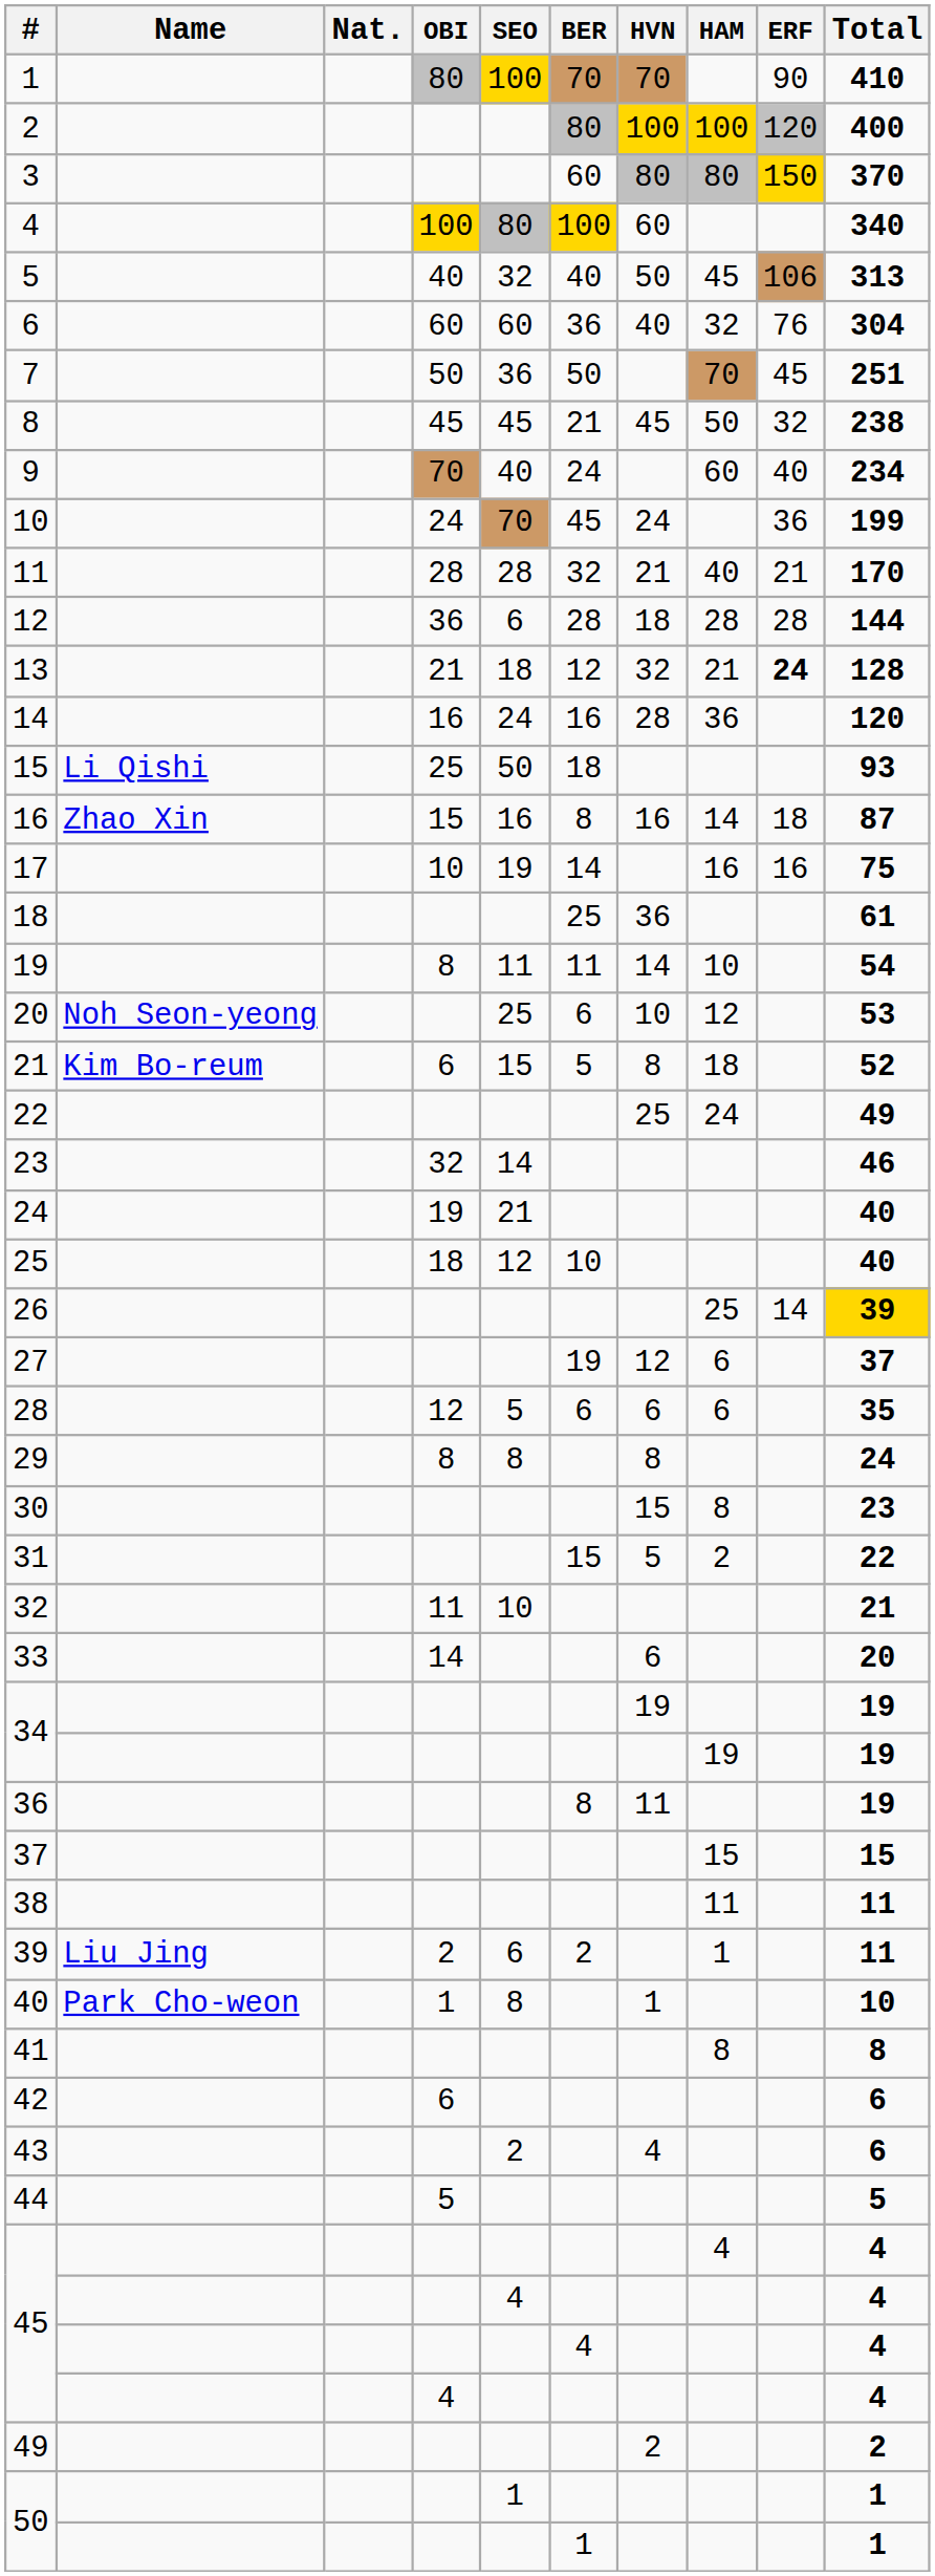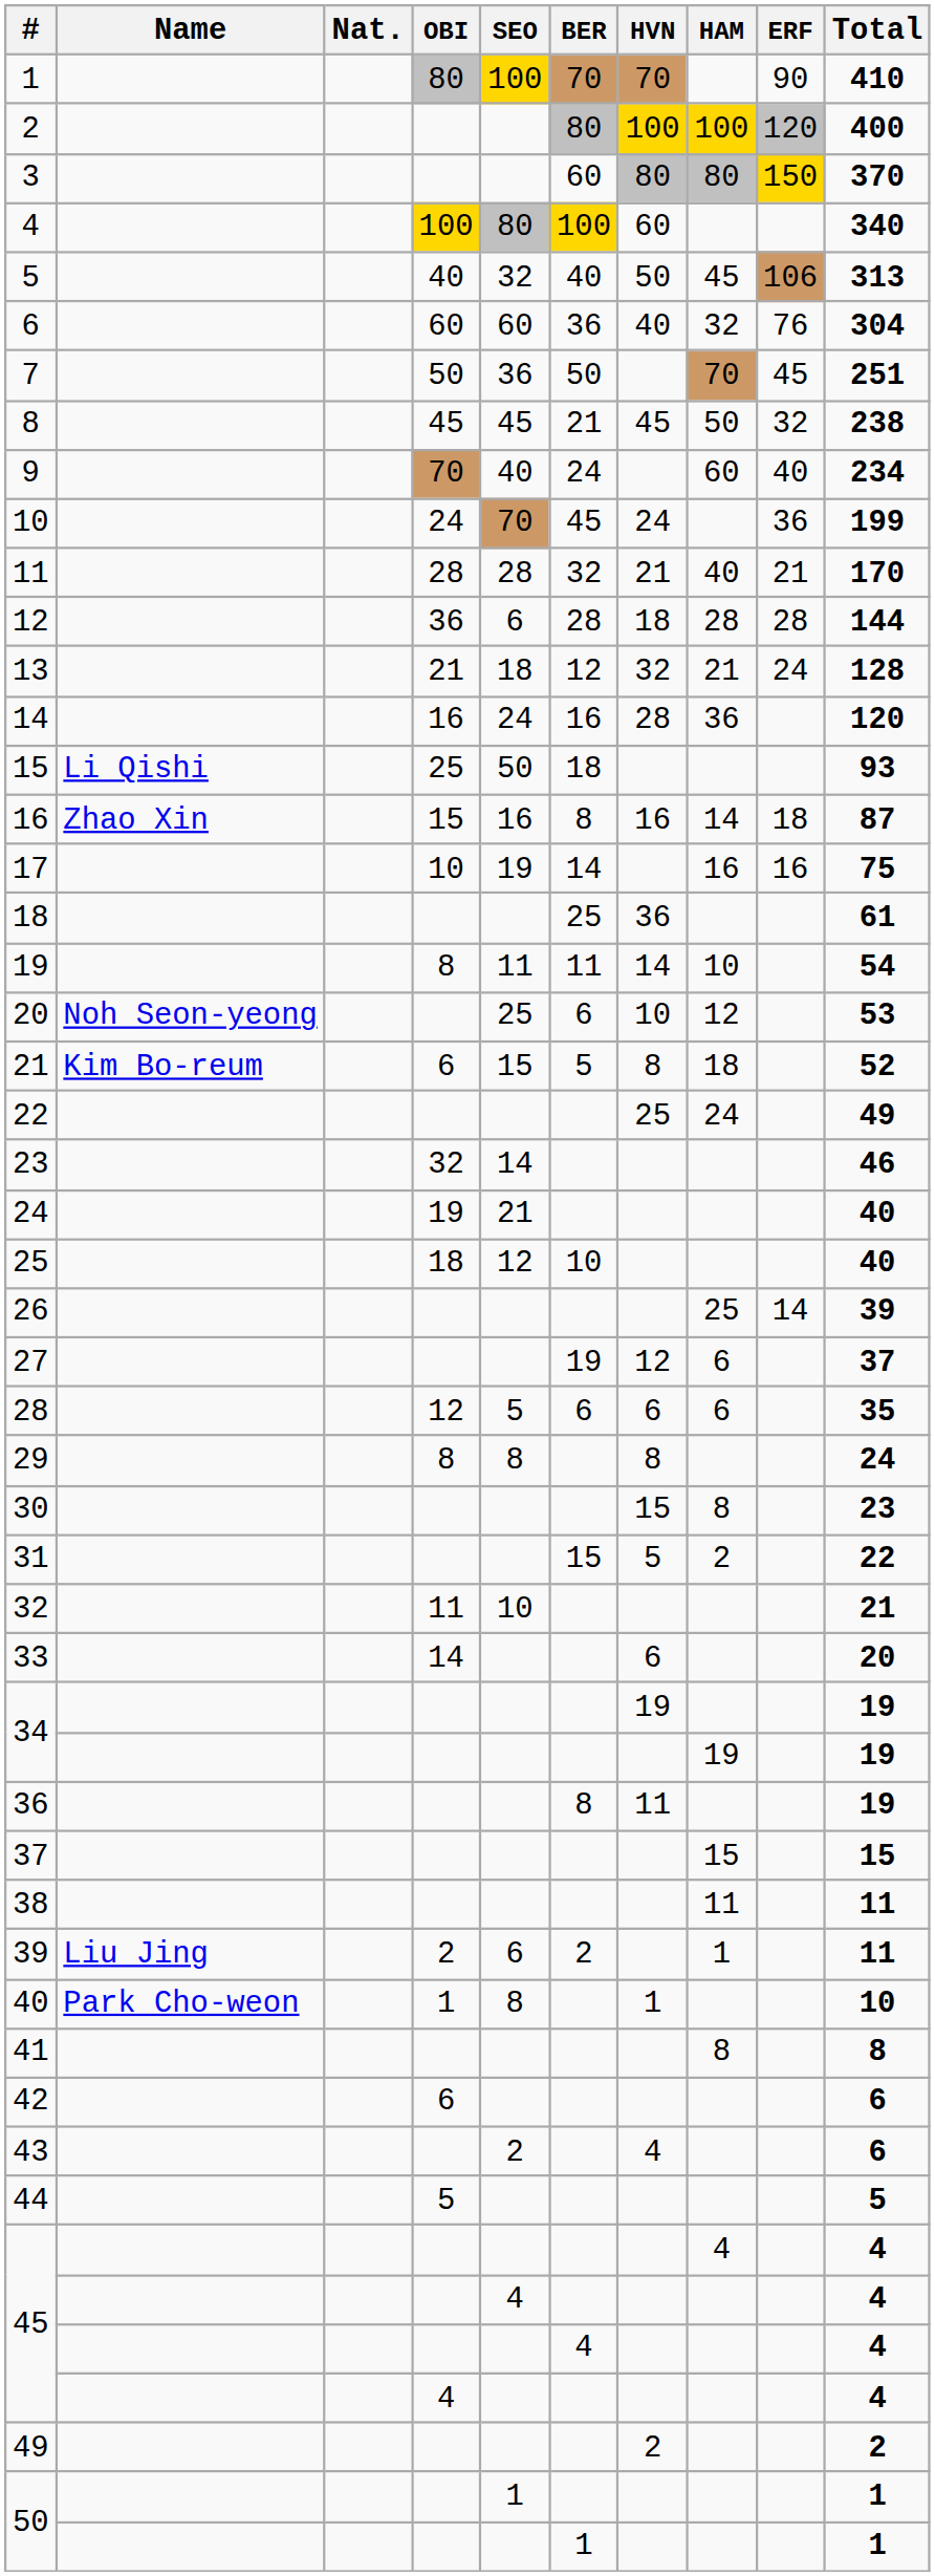 <table class="wikitable sortable" style="text-align:center;">
 <tr>
 <th>#</th>
 <th>Name</th>
 <th>Nat.</th>
 <th><small>OBI</small></th>
 <th><small>SEO</small></th>
 <th><small>BER</small></th>
 <th><small>HVN</small></th>
 <th><small>HAM </small></th>
 <th><small>ERF</small></th>
 <th>Total</th>
 </tr>
 <tr>
 <td>1</td>
 <td align=left></td>
 <td></td>
 <td bgcolor=silver>80</td>
 <td bgcolor=gold>100</td>
 <td bgcolor=cc9966>70</td>
 <td bgcolor=cc9966>70</td>
 <td></td>
 <td>90</td>
 <td><strong>410</strong></td>
 </tr>
 <tr>
 <td>2</td>
 <td align=left></td>
 <td></td>
 <td></td>
 <td></td>
 <td bgcolor=silver>80</td>
 <td bgcolor=gold>100</td>
 <td bgcolor=gold>100</td>
 <td bgcolor=silver>120</td>
 <td><strong>400</strong></td>
 </tr>
 <tr>
 <td>3</td>
 <td align=left></td>
 <td></td>
 <td></td>
 <td></td>
 <td>60</td>
 <td bgcolor=silver>80</td>
 <td bgcolor=silver>80</td>
 <td bgcolor=gold>150</td>
 <td><strong>370</strong></td>
 </tr>
 <tr>
 <td>4</td>
 <td align=left></td>
 <td></td>
 <td bgcolor=gold>100</td>
 <td bgcolor=silver>80</td>
 <td bgcolor=gold>100</td>
 <td>60</td>
 <td></td>
 <td></td>
 <td><strong>340</strong></td>
 </tr>
 <tr>
 <td>5</td>
 <td align=left></td>
 <td></td>
 <td>40</td>
 <td>32</td>
 <td>40</td>
 <td>50</td>
 <td>45</td>
 <td bgcolor=cc9966>106</td>
 <td><strong>313</strong></td>
 </tr>
 <tr>
 <td>6</td>
 <td align=left></td>
 <td></td>
 <td>60</td>
 <td>60</td>
 <td>36</td>
 <td>40</td>
 <td>32</td>
 <td>76</td>
 <td><strong>304</strong></td>
 </tr>
 <tr>
 <td>7</td>
 <td align=left></td>
 <td></td>
 <td>50</td>
 <td>36</td>
 <td>50</td>
 <td></td>
 <td bgcolor=cc9966>70</td>
 <td>45</td>
 <td><strong>251</strong></td>
 </tr>
 <tr>
 <td>8</td>
 <td align=left></td>
 <td></td>
 <td>45</td>
 <td>45</td>
 <td>21</td>
 <td>45</td>
 <td>50</td>
 <td>32</td>
 <td><strong>238</strong></td>
 </tr>
 <tr>
 <td>9</td>
 <td align=left></td>
 <td></td>
 <td bgcolor=cc9966>70</td>
 <td>40</td>
 <td>24</td>
 <td></td>
 <td>60</td>
 <td>40</td>
 <td><strong>234</strong></td>
 </tr>
 <tr>
 <td>10</td>
 <td align=left></td>
 <td></td>
 <td>24</td>
 <td bgcolor=cc9966>70</td>
 <td>45</td>
 <td>24</td>
 <td></td>
 <td>36</td>
 <td><strong>199</strong></td>
 </tr>
 <tr>
 <td>11</td>
 <td align=left></td>
 <td></td>
 <td>28</td>
 <td>28</td>
 <td>32</td>
 <td>21</td>
 <td>40</td>
 <td>21</td>
 <td><strong>170</strong></td>
 </tr>
 <tr>
 <td>12</td>
 <td align=left></td>
 <td></td>
 <td>36</td>
 <td>6</td>
 <td>28</td>
 <td>18</td>
 <td>28</td>
 <td>28</td>
 <td><strong>144</strong></td>
 </tr>
 <tr>
 <td>13</td>
 <td align=left></td>
 <td></td>
 <td>21</td>
 <td>18</td>
 <td>12</td>
 <td>32</td>
 <td>21</td>
-<td><strong>24</strong></td>
+<td>24</td>
 <td><strong>128</strong></td>
 </tr>
 <tr>
 <td>14</td>
 <td align=left></td>
 <td></td>
 <td>16</td>
 <td>24</td>
 <td>16</td>
 <td>28</td>
 <td>36</td>
 <td></td>
 <td><strong>120</strong></td>
 </tr>
 <tr>
 <td>15</td>
 <td align=left><a href='#'>Li Qishi</a></td>
 <td></td>
 <td>25</td>
 <td>50</td>
 <td>18</td>
 <td></td>
 <td></td>
 <td></td>
 <td><strong>93</strong></td>
 </tr>
 <tr>
 <td>16</td>
 <td align=left><a href='#'>Zhao Xin</a></td>
 <td></td>
 <td>15</td>
 <td>16</td>
 <td>8</td>
 <td>16</td>
 <td>14</td>
 <td>18</td>
 <td><strong>87</strong></td>
 </tr>
 <tr>
 <td>17</td>
 <td align=left></td>
 <td></td>
 <td>10</td>
 <td>19</td>
 <td>14</td>
 <td></td>
 <td>16</td>
 <td>16</td>
 <td><strong>75</strong></td>
 </tr>
 <tr>
 <td>18</td>
 <td align=left></td>
 <td></td>
 <td></td>
 <td></td>
 <td>25</td>
 <td>36</td>
 <td></td>
 <td></td>
 <td><strong>61</strong></td>
 </tr>
 <tr>
 <td>19</td>
 <td align=left></td>
 <td></td>
 <td>8</td>
 <td>11</td>
 <td>11</td>
 <td>14</td>
 <td>10</td>
 <td></td>
 <td><strong>54</strong></td>
 </tr>
 <tr>
 <td>20</td>
 <td align=left><a href='#'>Noh Seon-yeong</a></td>
 <td></td>
 <td></td>
 <td>25</td>
 <td>6</td>
 <td>10</td>
 <td>12</td>
 <td></td>
 <td><strong>53</strong></td>
 </tr>
 <tr>
 <td>21</td>
 <td align=left><a href='#'>Kim Bo-reum</a></td>
 <td></td>
 <td>6</td>
 <td>15</td>
 <td>5</td>
 <td>8</td>
 <td>18</td>
 <td></td>
 <td><strong>52</strong></td>
 </tr>
 <tr>
 <td>22</td>
 <td align=left></td>
 <td></td>
 <td></td>
 <td></td>
 <td></td>
 <td>25</td>
 <td>24</td>
 <td></td>
 <td><strong>49</strong></td>
 </tr>
 <tr>
 <td>23</td>
 <td align=left></td>
 <td></td>
 <td>32</td>
 <td>14</td>
 <td></td>
 <td></td>
 <td></td>
 <td></td>
 <td><strong>46</strong></td>
 </tr>
 <tr>
 <td>24</td>
 <td align=left></td>
 <td></td>
 <td>19</td>
 <td>21</td>
 <td></td>
 <td></td>
 <td></td>
 <td></td>
 <td><strong>40</strong></td>
 </tr>
 <tr>
 <td>25</td>
 <td align=left></td>
 <td></td>
 <td>18</td>
 <td>12</td>
 <td>10</td>
 <td></td>
 <td></td>
 <td></td>
 <td><strong>40</strong></td>
 </tr>
 <tr>
 <td>26</td>
 <td align=left></td>
 <td></td>
 <td></td>
 <td></td>
 <td></td>
 <td></td>
 <td>25</td>
 <td>14</td>
-<td style="background: gold;"><strong>39</strong></td>
+<td><strong>39</strong></td>
 </tr>
 <tr>
 <td>27</td>
 <td align=left></td>
 <td></td>
 <td></td>
 <td></td>
 <td>19</td>
 <td>12</td>
 <td>6</td>
 <td></td>
 <td><strong>37</strong></td>
 </tr>
 <tr>
 <td>28</td>
 <td align=left></td>
 <td></td>
 <td>12</td>
 <td>5</td>
 <td>6</td>
 <td>6</td>
 <td>6</td>
 <td></td>
 <td><strong>35</strong></td>
 </tr>
 <tr>
 <td>29</td>
 <td align=left></td>
 <td></td>
 <td>8</td>
 <td>8</td>
 <td></td>
 <td>8</td>
 <td></td>
 <td></td>
 <td><strong>24</strong></td>
 </tr>
 <tr>
 <td>30</td>
 <td align=left></td>
 <td></td>
 <td></td>
 <td></td>
 <td></td>
 <td>15</td>
 <td>8</td>
 <td></td>
 <td><strong>23</strong></td>
 </tr>
 <tr>
 <td>31</td>
 <td align=left></td>
 <td></td>
 <td></td>
 <td></td>
 <td>15</td>
 <td>5</td>
 <td>2</td>
 <td></td>
 <td><strong>22</strong></td>
 </tr>
 <tr>
 <td>32</td>
 <td align=left></td>
 <td></td>
 <td>11</td>
 <td>10</td>
 <td></td>
 <td></td>
 <td></td>
 <td></td>
 <td><strong>21</strong></td>
 </tr>
 <tr>
 <td>33</td>
 <td align=left></td>
 <td></td>
 <td>14</td>
 <td></td>
 <td></td>
 <td>6</td>
 <td></td>
 <td></td>
 <td><strong>20</strong></td>
 </tr>
 <tr>
 <td rowspan=2>34</td>
 <td align=left></td>
 <td></td>
 <td></td>
 <td></td>
 <td></td>
 <td>19</td>
 <td></td>
 <td></td>
 <td><strong>19</strong></td>
 </tr>
 <tr>
 <td align=left></td>
 <td></td>
 <td></td>
 <td></td>
 <td></td>
 <td></td>
 <td>19</td>
 <td></td>
 <td><strong>19</strong></td>
 </tr>
 <tr>
 <td>36</td>
 <td align=left></td>
 <td></td>
 <td></td>
 <td></td>
 <td>8</td>
 <td>11</td>
 <td></td>
 <td></td>
 <td><strong>19</strong></td>
 </tr>
 <tr>
 <td>37</td>
 <td align=left></td>
 <td></td>
 <td></td>
 <td></td>
 <td></td>
 <td></td>
 <td>15</td>
 <td></td>
 <td><strong>15</strong></td>
 </tr>
 <tr>
 <td>38</td>
 <td align=left></td>
 <td></td>
 <td></td>
 <td></td>
 <td></td>
 <td></td>
 <td>11</td>
 <td></td>
 <td><strong>11</strong></td>
 </tr>
 <tr>
 <td>39</td>
 <td align=left><a href='#'>Liu Jing</a></td>
 <td></td>
 <td>2</td>
 <td>6</td>
 <td>2</td>
 <td></td>
 <td>1</td>
 <td></td>
 <td><strong>11</strong></td>
 </tr>
 <tr>
 <td>40</td>
 <td align=left><a href='#'>Park Cho-weon</a></td>
 <td></td>
 <td>1</td>
 <td>8</td>
 <td></td>
 <td>1</td>
 <td></td>
 <td></td>
 <td><strong>10</strong></td>
 </tr>
 <tr>
 <td>41</td>
 <td align=left></td>
 <td></td>
 <td></td>
 <td></td>
 <td></td>
 <td></td>
 <td>8</td>
 <td></td>
 <td><strong>8</strong></td>
 </tr>
 <tr>
 <td>42</td>
 <td align=left></td>
 <td></td>
 <td>6</td>
 <td></td>
 <td></td>
 <td></td>
 <td></td>
 <td></td>
 <td><strong>6</strong></td>
 </tr>
 <tr>
 <td>43</td>
 <td align=left></td>
 <td></td>
 <td></td>
 <td>2</td>
 <td></td>
 <td>4</td>
 <td></td>
 <td></td>
 <td><strong>6</strong></td>
 </tr>
 <tr>
 <td>44</td>
 <td align=left></td>
 <td></td>
 <td>5</td>
 <td></td>
 <td></td>
 <td></td>
 <td></td>
 <td></td>
 <td><strong>5</strong></td>
 </tr>
 <tr>
 <td rowspan=4>45</td>
 <td align=left></td>
 <td></td>
 <td></td>
 <td></td>
 <td></td>
 <td></td>
 <td>4</td>
 <td></td>
 <td><strong>4</strong></td>
 </tr>
 <tr>
 <td align=left></td>
 <td></td>
 <td></td>
 <td>4</td>
 <td></td>
 <td></td>
 <td></td>
 <td></td>
 <td><strong>4</strong></td>
 </tr>
 <tr>
 <td align=left></td>
 <td></td>
 <td></td>
 <td></td>
 <td>4</td>
 <td></td>
 <td></td>
 <td></td>
 <td><strong>4</strong></td>
 </tr>
 <tr>
 <td align=left></td>
 <td></td>
 <td>4</td>
 <td></td>
 <td></td>
 <td></td>
 <td></td>
 <td></td>
 <td><strong>4</strong></td>
 </tr>
 <tr>
 <td>49</td>
 <td align=left></td>
 <td></td>
 <td></td>
 <td></td>
 <td></td>
 <td>2</td>
 <td></td>
 <td></td>
 <td><strong>2</strong></td>
 </tr>
 <tr>
 <td rowspan=2>50</td>
 <td align=left></td>
 <td></td>
 <td></td>
 <td>1</td>
 <td></td>
 <td></td>
 <td></td>
 <td></td>
 <td><strong>1</strong></td>
 </tr>
 <tr>
 <td align=left></td>
 <td></td>
 <td></td>
 <td></td>
 <td>1</td>
 <td></td>
 <td></td>
 <td></td>
 <td><strong>1</strong></td>
 </tr>
 </table>
